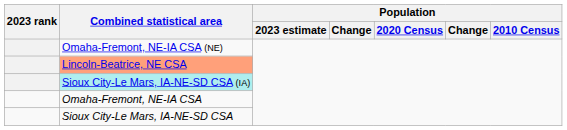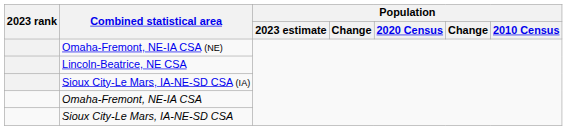 <table class="wikitable sortable">
 <tr>
 <th scope=col rowspan=2>2023 rank</th>
 <th scope=col rowspan=2><a href='#'>Combined statistical area</a></th>
 <th colspan=5>Population</th>
 </tr>
 <tr>
 <th scope=col>2023 estimate</th>
 <th scope=col>Change</th>
 <th scope=col><a href='#'>2020 Census</a></th>
 <th scope=col>Change</th>
 <th scope=col><a href='#'>2010 Census</a></th>
 </tr>
 <tr>
 <th scope=row></th>
 <td><a href='#'>Omaha-Fremont, NE-IA CSA</a> <small>(NE)</small><br></td>
 </tr>
 <tr>
 <th scope=row></th>
-<td style="background: lightsalmon;"><a href='#'>Lincoln-Beatrice, NE CSA</a><br></td>
+<td><a href='#'>Lincoln-Beatrice, NE CSA</a><br></td>
 </tr>
 <tr>
 <th scope=row></th>
-<td style="background: paleturquoise;"><a href='#'>Sioux City-Le Mars, IA-NE-SD CSA</a> <small>(IA)</small><br></td>
+<td><a href='#'>Sioux City-Le Mars, IA-NE-SD CSA</a> <small>(IA)</small><br></td>
 </tr>
 <tr>
 <td></td>
 <td><em><span>Omaha-Fremont, NE-IA CSA</span></em><br></td>
 </tr>
 <tr>
 <td></td>
 <td><em><span>Sioux City-Le Mars, IA-NE-SD CSA</span></em><br></td>
 </tr>
 </table>
